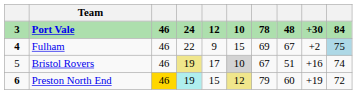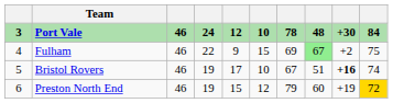 <table class="wikitable" style="text-align:center">
 <tr>
 <th width="30"></th>
 <th width="175">Team</th>
 <th width="30"></th>
 <th width="30"></th>
 <th width="30"></th>
 <th width="30"></th>
 <th width="30"></th>
 <th width="30"></th>
 <th width="30"></th>
 <th width="30"></th>
 </tr>
 <tr bgcolor=#ADDFAD>
 <td><strong>3</strong></td>
 <td align=left><strong><a href='#'>Port Vale</a></strong></td>
 <td><strong>46</strong></td>
 <td><strong>24</strong></td>
 <td><strong>12</strong></td>
 <td><strong>10</strong></td>
 <td><strong>78</strong></td>
 <td><strong>48</strong></td>
 <td><strong>+30</strong></td>
 <td><strong>84</strong></td>
 </tr>
 <tr>
-<td><strong>4</strong></td>
+<td>4</td>
 <td align=left><a href='#'>Fulham</a></td>
 <td>46</td>
 <td>22</td>
 <td>9</td>
 <td>15</td>
 <td>69</td>
-<td>67</td>
+<td style="background: lightgreen;">67</td>
 <td>+2</td>
-<td style="background: lightblue;">75</td>
+<td>75</td>
 </tr>
 <tr>
 <td>5</td>
 <td align=left><a href='#'>Bristol Rovers</a></td>
 <td>46</td>
-<td style="background: khaki;">19</td>
+<td>19</td>
 <td>17</td>
-<td style="background: lightgrey;">10</td>
+<td>10</td>
 <td>67</td>
 <td>51</td>
-<td>+16</td>
+<td><strong>+16</strong></td>
 <td>74</td>
 </tr>
 <tr>
-<td><strong>6</strong></td>
+<td>6</td>
 <td align=left><a href='#'>Preston North End</a></td>
-<td style="background: gold;">46</td>
-<td style="background: paleturquoise;">19</td>
+<td>46</td>
+<td>19</td>
 <td>15</td>
-<td style="background: khaki;">12</td>
+<td>12</td>
 <td>79</td>
 <td>60</td>
 <td>+19</td>
-<td>72</td>
+<td style="background: gold;">72</td>
 </tr>
 </table>
